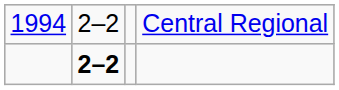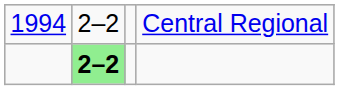 <table class="wikitable">
 <tr>
 <td><a href='#'>1994</a></td>
 <td>2–2</td>
 <td></td>
 <td><a href='#'>Central Regional</a></td>
 </tr>
 <tr>
 <td></td>
-<td><strong>2–2</strong></td>
+<td style="background: lightgreen;"><strong>2–2</strong></td>
 <td><strong></strong></td>
 <td></td>
 </tr>
 </table>
